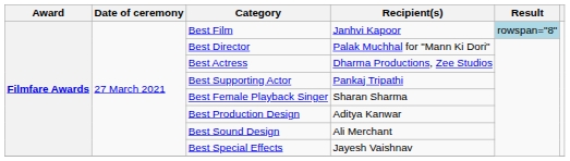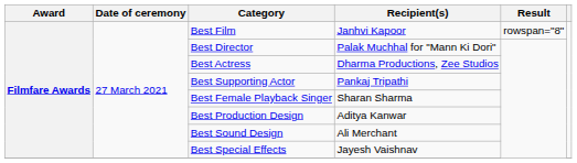 <table class="wikitable plainrowheaders sortable">
 <tr>
 <th scope="col">Award</th>
 <th scope="col">Date of ceremony</th>
 <th scope="col">Category</th>
 <th scope="col">Recipient(s)</th>
 <th scope="col" class="unsortable">Result</th>
 <th scope="col" class="unsortable"></th>
 </tr>
 <tr>
 <th scope="row" rowspan="8"><a href='#'>Filmfare Awards</a></th>
 <td rowspan="8"><a href='#'>27 March 2021</a></td>
 <td><a href='#'>Best Film</a></td>
 <td><a href='#'>Janhvi Kapoor</a></td>
-<td style="background: lightblue;">rowspan="8"</td>
+<td>rowspan="8"</td>
 <td style="text-align:center;" rowspan="8"></td>
 </tr>
 <tr>
 <td><a href='#'>Best Director</a></td>
 <td><a href='#'>Palak Muchhal</a> for "Mann Ki Dori"</td>
 </tr>
 <tr>
 <td><a href='#'>Best Actress</a></td>
 <td><a href='#'>Dharma Productions</a>, <a href='#'>Zee Studios</a></td>
 </tr>
 <tr>
 <td><a href='#'>Best Supporting Actor</a></td>
 <td><a href='#'>Pankaj Tripathi</a></td>
 </tr>
 <tr>
 <td><a href='#'>Best Female Playback Singer</a></td>
 <td>Sharan Sharma</td>
 </tr>
 <tr>
 <td><a href='#'>Best Production Design</a></td>
 <td>Aditya Kanwar</td>
 </tr>
 <tr>
 <td><a href='#'>Best Sound Design</a></td>
 <td>Ali Merchant</td>
 </tr>
 <tr>
 <td><a href='#'>Best Special Effects</a></td>
 <td>Jayesh Vaishnav</td>
 </tr>
 <tr>
 </tr>
 </table>
